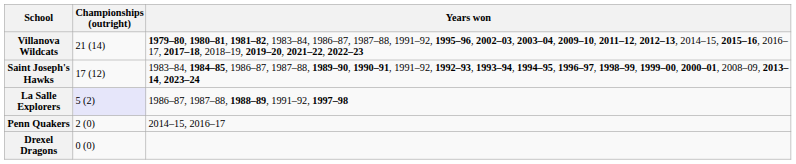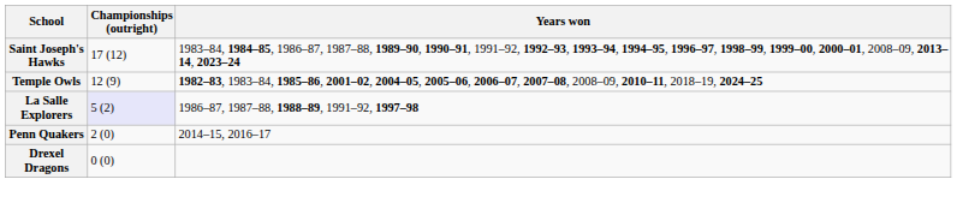 <table class="wikitable unsortable" style="text-align: left">
 <tr>
 <th width="100" class="unsortable">School</th>
 <th width="100" class="unsortable">Championships (outright)</th>
 <th width="1000" class="unsortable">Years won</th>
 </tr>
 <tr>
-<th>Villanova Wildcats</th>
-<td>21 (14)</td>
-<td><strong>1979–80</strong>, <strong>1980–81</strong>, <strong>1981–82</strong>, 1983–84, 1986–87, 1987–88, 1991–92, <strong>1995–96</strong>, <strong>2002–03</strong>, <strong>2003–04</strong>, <strong>2009–10</strong>, <strong>2011–12</strong>, <strong>2012–13</strong>, 2014–15, <strong>2015–16</strong>, 2016–17, <strong>2017–18</strong>, 2018–19, <strong>2019–20</strong>, <strong>2021–22</strong>, <strong>2022–23</strong></td>
-</tr>
-<tr>
 <th>Saint Joseph's Hawks</th>
 <td>17 (12)</td>
 <td>1983–84, <strong>1984–85</strong>, 1986–87, 1987–88, <strong>1989–90</strong>, <strong>1990–91</strong>, 1991–92, <strong>1992–93</strong>, <strong>1993–94</strong>, <strong>1994–95</strong>, <strong>1996–97</strong>, <strong>1998–99</strong>, <strong>1999–00</strong>, <strong>2000–01</strong>, 2008–09, <strong>2013–14</strong>, <strong>2023–24</strong></td>
+</tr>
+<tr>
+<th>Temple Owls</th>
+<td>12 (9)</td>
+<td><strong>1982–83</strong>, 1983–84, <strong>1985–86</strong>, <strong>2001–02</strong>, <strong>2004–05</strong>, <strong>2005–06</strong>, <strong>2006–07</strong>, <strong>2007–08</strong>, 2008–09, <strong>2010–11</strong>, 2018–19, <strong>2024–25</strong></td>
 </tr>
 <tr>
 <th>La Salle Explorers</th>
 <td style="background: lavender;">5 (2)</td>
 <td>1986–87, 1987–88, <strong>1988–89</strong>, 1991–92, <strong>1997–98</strong></td>
 </tr>
 <tr>
 <th>Penn Quakers</th>
 <td>2 (0)</td>
 <td>2014–15, 2016–17</td>
 </tr>
 <tr>
 <th>Drexel Dragons</th>
 <td>0 (0)</td>
 <td></td>
 </tr>
 </table>
